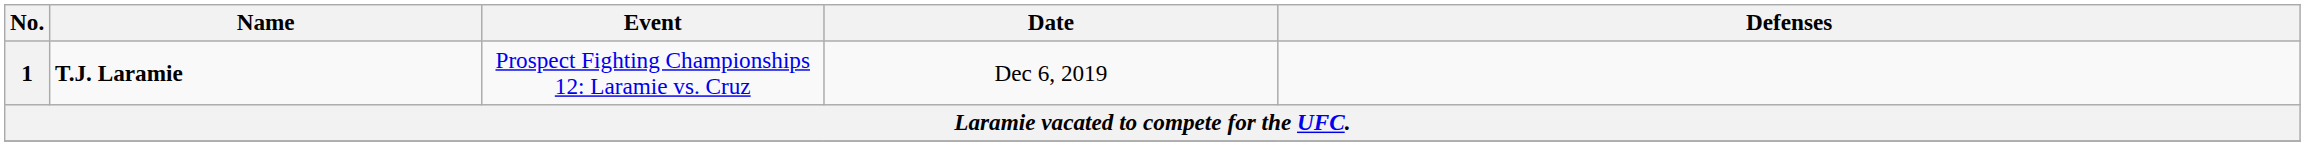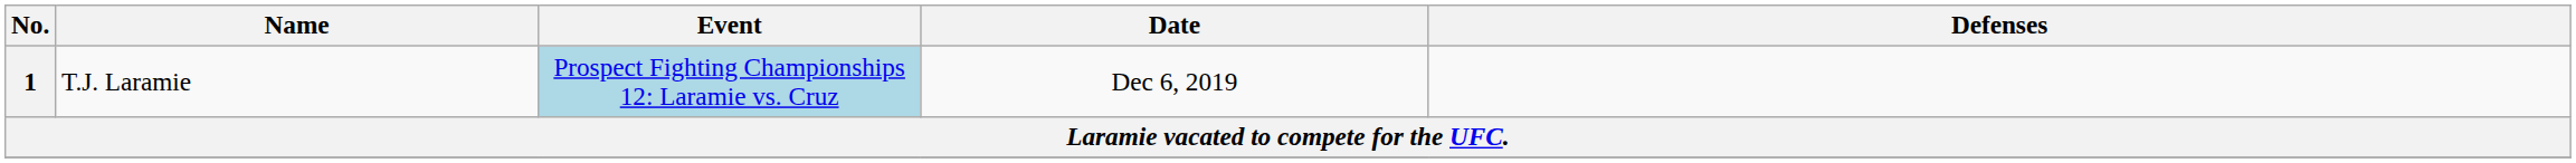 <table class="wikitable" width=100%>
 <tr>
 <th width=1%>No.</th>
 <th width=19%>Name</th>
 <th width=15%>Event</th>
 <th width=20%>Date</th>
 <th width=45%>Defenses</th>
 </tr>
 <tr>
 <th>1</th>
-<td><strong> T.J. Laramie <br></strong></td>
-<td align=center><a href='#'>Prospect Fighting Championships 12: Laramie vs. Cruz</a> <br></td>
+<td> T.J. Laramie <br></td>
+<td align=center style="background: lightblue;"><a href='#'>Prospect Fighting Championships 12: Laramie vs. Cruz</a> <br></td>
 <td align=center>Dec 6, 2019</td>
 <td></td>
 </tr>
 <tr>
 <th colspan=6 align=center><em>Laramie vacated to compete for the <a href='#'>UFC</a>.</em></th>
 </tr>
 <tr>
 </tr>
 </table>
